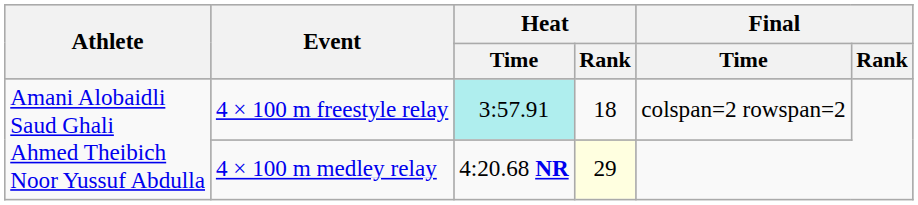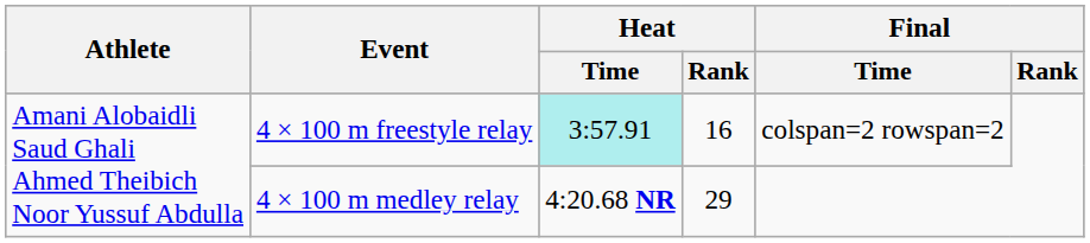 <table class="wikitable" style="text-align:center; font-size:90%">
 <tr>
 <th rowspan="2">Athlete</th>
 <th rowspan="2">Event</th>
 <th colspan="2">Heat</th>
 <th colspan="2">Final</th>
 </tr>
 <tr style="font-size:95%">
 <th>Time</th>
 <th>Rank</th>
 <th>Time</th>
 <th>Rank</th>
 </tr>
 <tr>
 <td align=left rowspan=2><a href='#'>Amani Alobaidli</a><br><a href='#'>Saud Ghali</a><br><a href='#'>Ahmed Theibich</a><br><a href='#'>Noor Yussuf Abdulla</a></td>
 <td align=left><a href='#'>4 × 100 m freestyle relay</a></td>
 <td style="background: paleturquoise;">3:57.91</td>
-<td>18</td>
+<td>16</td>
 <td>colspan=2 rowspan=2 </td>
 </tr>
 <tr>
 <td align=left><a href='#'>4 × 100 m medley relay</a></td>
 <td>4:20.68 <strong><a href='#'>NR</a></strong></td>
-<td style="background: lightyellow;">29</td>
+<td>29</td>
 </tr>
 </table>
